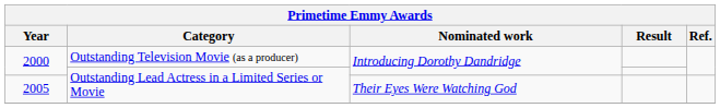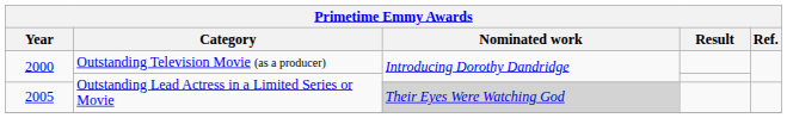 <table class=wikitable>
 <tr>
 <th colspan=5><a href='#'>Primetime Emmy Awards</a></th>
 </tr>
 <tr>
 <th scope="col" style="width:5em;">Year</th>
 <th scope="col" style="width:26em;">Category</th>
 <th scope="col" style="width:25em;">Nominated work</th>
 <th scope="col" style="width:5em;">Result</th>
 <th>Ref.</th>
 </tr>
 <tr>
 <td style="text-align:center;", rowspan="2"><a href='#'>2000</a></td>
 <td><a href='#'>Outstanding Television Movie</a> <small> (as a producer) </small></td>
 <td rowspan="2"><em><a href='#'>Introducing Dorothy Dandridge</a></em></td>
 <td></td>
 <td rowspan=2></td>
 </tr>
 <tr>
 <td rowspan="2"><a href='#'>Outstanding Lead Actress in a Limited Series or Movie</a></td>
 <td></td>
 </tr>
 <tr>
 <td style="text-align:center;", rowspan="1"><a href='#'>2005</a></td>
-<td><em><a href='#'>Their Eyes Were Watching God</a></em></td>
+<td style="background: lightgrey;"><em><a href='#'>Their Eyes Were Watching God</a></em></td>
 <td></td>
 <td></td>
 </tr>
 <tr>
 </tr>
 </table>
